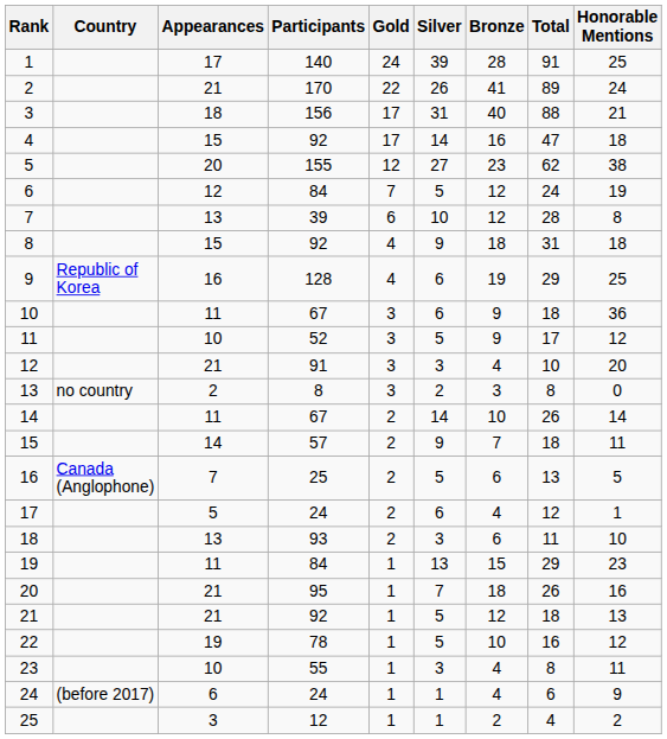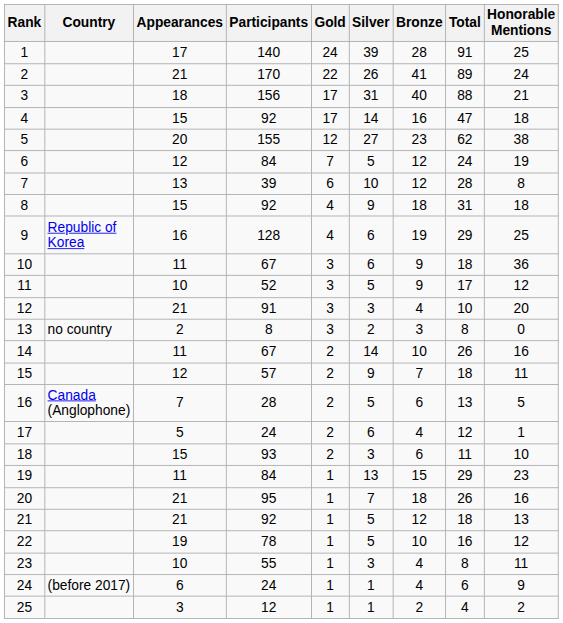 <table class="wikitable sortable">
 <tr>
 <th>Rank</th>
 <th>Country</th>
 <th>Appearances</th>
 <th>Participants</th>
 <th>Gold</th>
 <th>Silver</th>
 <th>Bronze</th>
 <th>Total</th>
 <th>Honorable Mentions</th>
 </tr>
 <tr>
 <td align="center">1</td>
 <td align="left"></td>
 <td align="center">17</td>
 <td align="center">140</td>
 <td align="center">24</td>
 <td align="center">39</td>
 <td align="center">28</td>
 <td align="center">91</td>
 <td align="center">25</td>
 </tr>
 <tr>
 <td align="center">2</td>
 <td align="left"></td>
 <td align="center">21</td>
 <td align="center">170</td>
 <td align="center">22</td>
 <td align="center">26</td>
 <td align="center">41</td>
 <td align="center">89</td>
 <td align="center">24</td>
 </tr>
 <tr>
 <td align=center>3</td>
 <td align=left></td>
 <td align=center>18</td>
 <td align=center>156</td>
 <td align=center>17</td>
 <td align="center">31</td>
 <td align="center">40</td>
 <td align="center">88</td>
 <td align="center">21</td>
 </tr>
 <tr>
 <td align=center>4</td>
 <td align=left></td>
 <td align=center>15</td>
 <td align="center">92</td>
 <td align="center">17</td>
 <td align="center">14</td>
 <td align="center">16</td>
 <td align="center">47</td>
 <td align="center">18</td>
 </tr>
 <tr>
 <td align=center>5</td>
 <td align=left></td>
 <td align=center>20</td>
 <td align="center">155</td>
 <td align="center">12</td>
 <td align="center">27</td>
 <td align="center">23</td>
 <td align="center">62</td>
 <td align="center">38</td>
 </tr>
 <tr>
 <td align=center>6</td>
 <td align=left></td>
 <td align=center>12</td>
 <td align="center">84</td>
 <td align="center">7</td>
 <td align="center">5</td>
 <td align="center">12</td>
 <td align="center">24</td>
 <td align="center">19</td>
 </tr>
 <tr>
 <td align="center">7</td>
 <td align="left"></td>
 <td align="center">13</td>
 <td align="center">39</td>
 <td align="center">6</td>
 <td align="center">10</td>
 <td align="center">12</td>
 <td align="center">28</td>
 <td align="center">8</td>
 </tr>
 <tr>
 <td align="center">8</td>
 <td align="left"></td>
 <td align="center">15</td>
 <td align="center">92</td>
 <td align="center">4</td>
 <td align="center">9</td>
 <td align="center">18</td>
 <td align="center">31</td>
 <td align="center">18</td>
 </tr>
 <tr>
 <td align="center">9</td>
 <td align="left"> <a href='#'>Republic of Korea</a></td>
 <td align="center">16</td>
 <td align="center">128</td>
 <td align="center">4</td>
 <td align="center">6</td>
 <td align="center">19</td>
 <td align="center">29</td>
 <td align="center">25</td>
 </tr>
 <tr>
 <td align="center">10</td>
 <td align="left"></td>
 <td align="center">11</td>
 <td align="center">67</td>
 <td align="center">3</td>
 <td align="center">6</td>
 <td align="center">9</td>
 <td align="center">18</td>
 <td align="center">36</td>
 </tr>
 <tr>
 <td align="center">11</td>
 <td align="left"></td>
 <td align="center">10</td>
 <td align="center">52</td>
 <td align="center">3</td>
 <td align="center">5</td>
 <td align="center">9</td>
 <td align="center">17</td>
 <td align="center">12</td>
 </tr>
 <tr>
 <td align=center>12</td>
 <td align=left></td>
 <td align=center>21</td>
 <td align="center">91</td>
 <td align="center">3</td>
 <td align=center>3</td>
 <td align=center>4</td>
 <td align="center">10</td>
 <td align="center">20</td>
 </tr>
 <tr>
 <td align=center>13</td>
 <td align=left>no country</td>
 <td align=center>2</td>
 <td align=center>8</td>
 <td align=center>3</td>
 <td align=center>2</td>
 <td align=center>3</td>
 <td align=center>8</td>
 <td align=center>0</td>
 </tr>
 <tr>
 <td align=center>14</td>
 <td align=left></td>
 <td align=center>11</td>
 <td align="center">67</td>
 <td align="center">2</td>
 <td align=center>14</td>
 <td align="center">10</td>
 <td align="center">26</td>
-<td align="center">14</td>
+<td align="center">16</td>
 </tr>
 <tr>
 <td align="center">15</td>
 <td align="left"></td>
-<td align="center">14</td>
+<td align="center">12</td>
 <td align="center">57</td>
 <td align="center">2</td>
 <td align="center">9</td>
 <td align="center">7</td>
 <td align="center">18</td>
 <td align="center">11</td>
 </tr>
 <tr>
 <td align="center">16</td>
 <td align="left"> <a href='#'>Canada</a> (Anglophone)</td>
 <td align="center">7</td>
-<td align="center">25</td>
+<td align="center">28</td>
 <td align="center">2</td>
 <td align="center">5</td>
 <td align="center">6</td>
 <td align="center">13</td>
 <td align="center">5</td>
 </tr>
 <tr>
 <td align=center>17</td>
 <td align=left></td>
 <td align=center>5</td>
 <td align="center">24</td>
 <td align="center">2</td>
 <td align=center>6</td>
 <td align="center">4</td>
 <td align="center">12</td>
 <td align="center">1</td>
 </tr>
 <tr>
 <td align="center">18</td>
 <td align="left"></td>
-<td align="center">13</td>
+<td align="center">15</td>
 <td align="center">93</td>
 <td align="center">2</td>
 <td align="center">3</td>
 <td align="center">6</td>
 <td align="center">11</td>
 <td align="center">10</td>
 </tr>
 <tr>
 <td align=center>19</td>
 <td align=left></td>
 <td align=center>11</td>
 <td align="center">84</td>
 <td align="center">1</td>
 <td align=center>13</td>
 <td align="center">15</td>
 <td align=center>29</td>
 <td align="center">23</td>
 </tr>
 <tr>
 <td align="center">20</td>
 <td align="left"></td>
 <td align="center">21</td>
 <td align="center">95</td>
 <td align="center">1</td>
 <td align="center">7</td>
 <td align="center">18</td>
 <td align="center">26</td>
 <td align="center">16</td>
 </tr>
 <tr>
 <td align="center">21</td>
 <td align="left"></td>
 <td align="center">21</td>
 <td align="center">92</td>
 <td align="center">1</td>
 <td align="center">5</td>
 <td align="center">12</td>
 <td align="center">18</td>
 <td align="center">13</td>
 </tr>
 <tr>
 <td align="center">22</td>
 <td align="left"></td>
 <td align="center">19</td>
 <td align="center">78</td>
 <td align="center">1</td>
 <td align="center">5</td>
 <td align="center">10</td>
 <td align="center">16</td>
 <td align="center">12</td>
 </tr>
 <tr>
 <td align="center">23</td>
 <td align="left"></td>
 <td align="center">10</td>
 <td align="center">55</td>
 <td align="center">1</td>
 <td align="center">3</td>
 <td align="center">4</td>
 <td align="center">8</td>
 <td align="center">11</td>
 </tr>
 <tr>
 <td align=center>24</td>
 <td align="left">(before 2017)</td>
 <td align="center">6</td>
 <td align=center>24</td>
 <td align=center>1</td>
 <td align=center>1</td>
 <td align=center>4</td>
 <td align=center>6</td>
 <td align=center>9</td>
 </tr>
 <tr>
 <td align="center">25</td>
 <td align="left"></td>
 <td align="center">3</td>
 <td align="center">12</td>
 <td align="center">1</td>
 <td align="center">1</td>
 <td align="center">2</td>
 <td align="center">4</td>
 <td align="center">2</td>
 </tr>
 </table>
